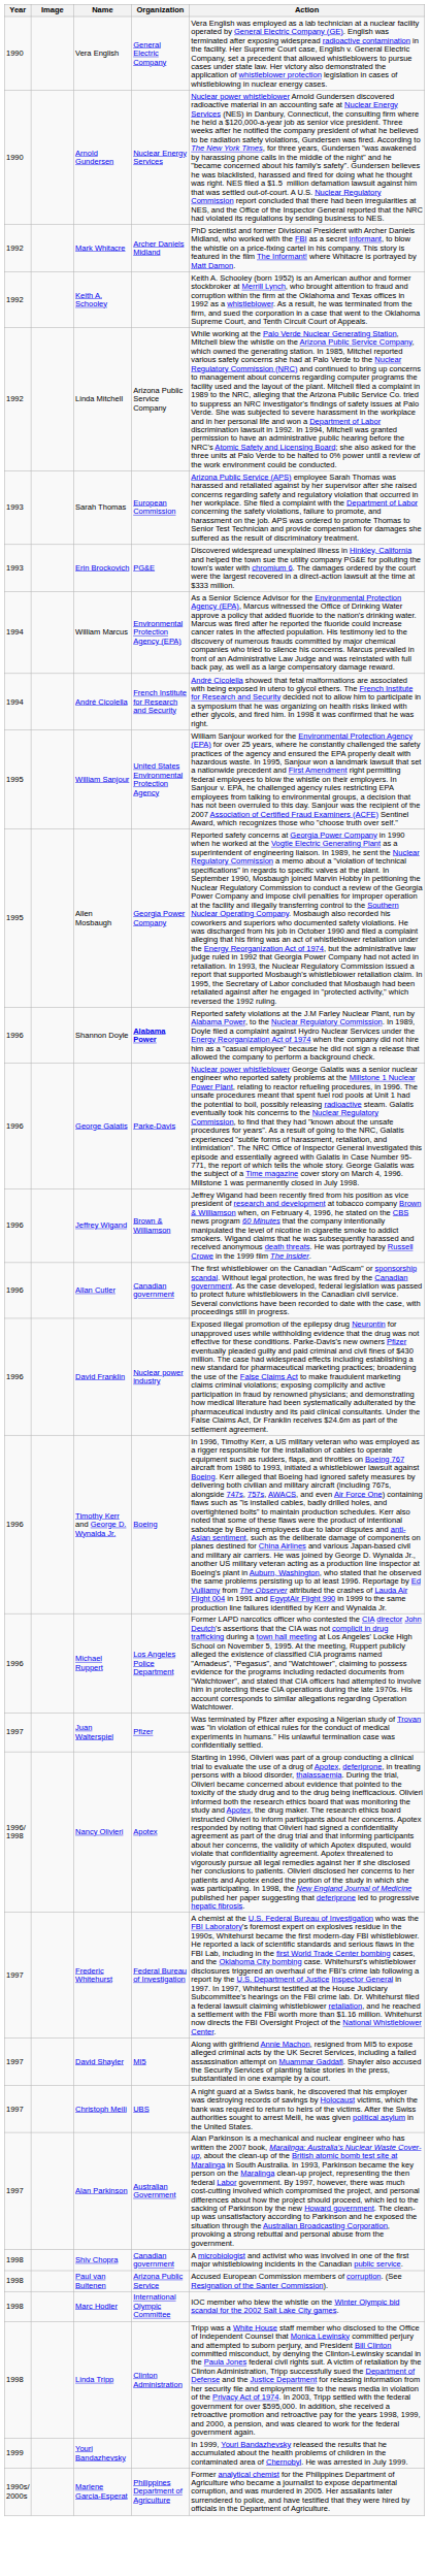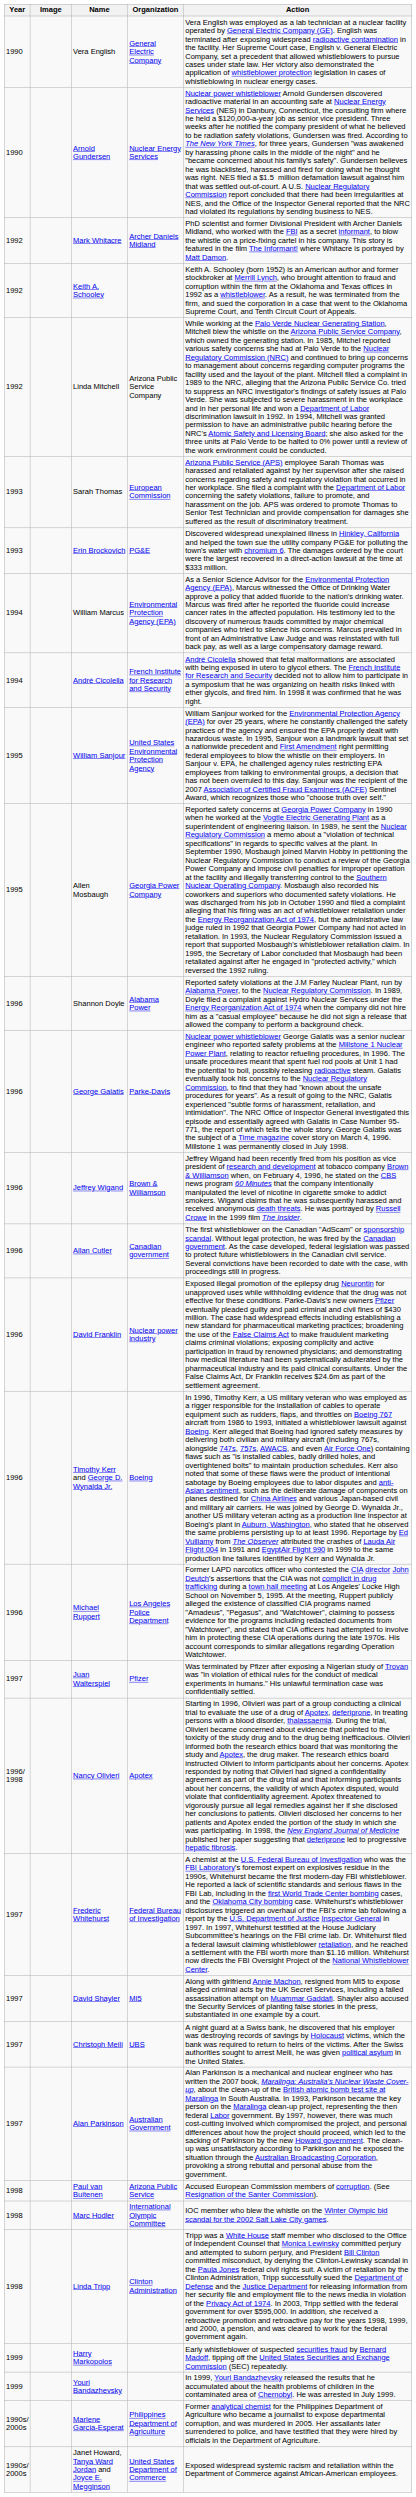 <table class="wikitable sortable">
 <tr>
 <th scope="col" style=width:3em>Year</th>
 <th scope="col" class="unsortable" style=width:5em>Image</th>
 <th scope="col" style=width:7em>Name</th>
 <th scope="col">Organization</th>
 <th scope="col">Action</th>
 </tr>
 <tr>
 <td>1990</td>
 <td></td>
 <td>Vera English</td>
 <td><a href='#'>General Electric Company</a></td>
 <td>Vera English was employed as a lab technician at a nuclear facility operated by <a href='#'>General Electric Company (GE)</a>. English was terminated after exposing widespread <a href='#'>radioactive contamination</a> in the facility. Her Supreme Court case, English v. General Electric Company, set a precedent that allowed whistleblowers to pursue cases under state law. Her victory also demonstrated the application of <a href='#'>whistleblower protection</a> legislation in cases of whistleblowing in nuclear energy cases.</td>
 </tr>
 <tr>
 <td>1990</td>
 <td></td>
 <td><a href='#'>Arnold Gundersen</a></td>
 <td><a href='#'>Nuclear Energy Services</a></td>
 <td><a href='#'>Nuclear power whistleblower</a> Arnold Gundersen discovered radioactive material in an accounting safe at <a href='#'>Nuclear Energy Services</a> (NES) in Danbury, Connecticut, the consulting firm where he held a $120,000-a-year job as senior vice president. Three weeks after he notified the company president of what he believed to be radiation safety violations, Gundersen was fired.  According to <em><a href='#'>The New York Times</a></em>, for three years, Gundersen "was awakened by harassing phone calls in the middle of the night" and he "became concerned about his family's safety". Gundersen believes he was blacklisted, harassed and fired for doing what he thought was right. NES filed a $1.5  million defamation lawsuit against him that was settled out-of-court. A U.S. <a href='#'>Nuclear Regulatory Commission</a> report concluded that there had been irregularities at NES, and the Office of the Inspector General reported that the NRC had violated its regulations by sending business to NES.</td>
 </tr>
 <tr>
 <td>1992</td>
 <td></td>
 <td><a href='#'>Mark Whitacre</a></td>
 <td><a href='#'>Archer Daniels Midland</a></td>
 <td>PhD scientist and former Divisional President with Archer Daniels Midland, who worked with the <a href='#'>FBI</a> as a secret <a href='#'>informant</a>, to blow the whistle on a price-fixing cartel in his company. This story is featured in the film <a href='#'>The Informant!</a> where Whitacre is portrayed by <a href='#'>Matt Damon</a>.</td>
 </tr>
 <tr>
 <td>1992</td>
 <td></td>
 <td><a href='#'>Keith A. Schooley</a></td>
 <td></td>
 <td>Keith A. Schooley (born 1952) is an American author and former stockbroker at <a href='#'>Merrill Lynch</a>, who brought attention to fraud and corruption within the firm at the Oklahoma and Texas offices in 1992 as a <a href='#'>whistleblower</a>. As a result, he was terminated from the firm, and sued the corporation in a case that went to the Oklahoma Supreme Court, and Tenth Circuit Court of Appeals.</td>
 </tr>
 <tr>
 <td>1992</td>
 <td></td>
 <td>Linda Mitchell</td>
 <td>Arizona Public Service Company</td>
 <td>While working at the <a href='#'>Palo Verde Nuclear Generating Station</a>, Mitchell blew the whistle on the <a href='#'>Arizona Public Service Company</a>, which owned the generating station. In 1985, Mitchel reported various safety concerns she had at Palo Verde to the <a href='#'>Nuclear Regulatory Commission (NRC)</a> and continued to bring up concerns to management about concerns regarding computer programs the facility used and the layout of the plant. Mitchell filed a complaint in 1989 to the NRC, alleging that the Arizona Public Service Co. tried to suppress an NRC investigator's findings of safety issues at Palo Verde. She was subjected to severe harassment in the workplace and in her personal life and won a <a href='#'>Department of Labor</a> discrimination lawsuit in 1992. In 1994, Mitchell was granted permission to have an administrative public hearing before the NRC's <a href='#'>Atomic Safety and Licensing Board</a>; she also asked for the three units at Palo Verde to be halted to 0% power until a review of the work environment could be conducted.</td>
 </tr>
 <tr>
 <td>1993</td>
 <td></td>
 <td>Sarah Thomas</td>
 <td><a href='#'>European Commission</a></td>
 <td><a href='#'>Arizona Public Service (APS)</a> employee Sarah Thomas was harassed and retaliated against by her supervisor after she raised concerns regarding safety and regulatory violation that occurred in her workplace. She filed a complaint with the <a href='#'>Department of Labor</a> concerning the safety violations, failure to promote, and harassment on the job. APS was ordered to promote Thomas to Senior Test Technician and provide compensation for damages she suffered as the result of discriminatory treatment.</td>
 </tr>
 <tr>
 <td>1993</td>
 <td><br></td>
 <td><a href='#'>Erin Brockovich</a></td>
 <td><a href='#'>PG&E</a></td>
 <td>Discovered widespread unexplained illness in <a href='#'>Hinkley, California</a> and helped the town sue the utility company PG&E for polluting the town's water with <a href='#'>chromium 6</a>. The damages ordered by the court were the largest recovered in a direct-action lawsuit at the time at $333 million.</td>
 </tr>
 <tr>
 <td>1994</td>
 <td></td>
 <td>William Marcus</td>
 <td><a href='#'>Environmental Protection Agency (EPA)</a></td>
 <td>As a Senior Science Advisor for the <a href='#'>Environmental Protection Agency (EPA)</a>, Marcus witnessed the Office of Drinking Water approve a policy that added fluoride to the nation's drinking water. Marcus was fired after he reported the fluoride could increase cancer rates in the affected population. His testimony led to the discovery of numerous frauds committed by major chemical companies who tried to silence his concerns. Marcus prevailed in front of an Administrative Law Judge and was reinstated with full back pay, as well as a large compensatory damage reward.</td>
 </tr>
 <tr>
 <td>1994</td>
 <td></td>
 <td><a href='#'>André Cicolella</a></td>
 <td><a href='#'>French Institute for Research and Security</a></td>
 <td><a href='#'>André Cicolella</a> showed that fetal malformations are associated with being exposed in utero to glycol ethers. The <a href='#'>French Institute for Research and Security</a> decided not to allow him to participate in a symposium that he was organizing on health risks linked with ether glycols, and fired him. In 1998 it was confirmed that he was right.</td>
 </tr>
 <tr>
 <td>1995</td>
 <td></td>
 <td><a href='#'>William Sanjour</a></td>
 <td><a href='#'>United States Environmental Protection Agency</a></td>
 <td>William Sanjour worked for the <a href='#'>Environmental Protection Agency (EPA)</a> for over 25 years, where he constantly challenged the safety practices of the agency and ensured the EPA properly dealt with hazardous waste. In 1995, Sanjour won a landmark lawsuit that set a nationwide precedent and <a href='#'>First Amendment</a> right permitting federal employees to blow the whistle on their employers. In Sanjour v. EPA, he challenged agency rules restricting EPA employees from talking to environmental groups, a decision that has not been overruled to this day. Sanjour was the recipient of the 2007 <a href='#'>Association of Certified Fraud Examiners (ACFE)</a> Sentinel Award, which recognizes those who "choose truth over self."</td>
 </tr>
 <tr>
 <td>1995</td>
 <td></td>
 <td>Allen Mosbaugh</td>
 <td><a href='#'>Georgia Power Company</a></td>
 <td>Reported safety concerns at <a href='#'>Georgia Power Company</a> in 1990 when he worked at the <a href='#'>Vogtle Electric Generating Plant</a> as a superintendent of engineering liaison. In 1989, he sent the <a href='#'>Nuclear Regulatory Commission</a> a memo about a "violation of technical specifications" in regards to specific valves at the plant. In September 1990, Mosbaugh joined Marvin Hobby in petitioning the Nuclear Regulatory Commission to conduct a review of the Georgia Power Company and impose civil penalties for improper operation at the facility and illegally transferring control to the <a href='#'>Southern Nuclear Operating Company</a>. Mosbaugh also recorded his coworkers and superiors who documented safety violations. He was discharged from his job in October 1990 and filed a complaint alleging that his firing was an act of whistleblower retaliation under the <a href='#'>Energy Reorganization Act of 1974</a>, but the administrative law judge ruled in 1992 that Georgia Power Company had not acted in retaliation. In 1993, the Nuclear Regulatory Commission issued a report that supported Mosbaugh's whistleblower retaliation claim. In 1995, the Secretary of Labor concluded that Mosbaugh had been retaliated against after he engaged in "protected activity," which reversed the 1992 ruling.</td>
 </tr>
 <tr>
 <td>1996</td>
 <td></td>
 <td>Shannon Doyle</td>
-<td><strong><a href='#'>Alabama Power</a></strong></td>
+<td><a href='#'>Alabama Power</a></td>
 <td>Reported safety violations at the J.M Farley Nuclear Plant, run by <a href='#'>Alabama Power</a>, to the <a href='#'>Nuclear Regulatory Commission</a>. In 1989, Doyle filed a complaint against Hydro Nuclear Services under the <a href='#'>Energy Reorganization Act of 1974</a> when the company did not hire him as a "casual employee" because he did not sign a release that allowed the company to perform a background check.</td>
 </tr>
 <tr>
 <td>1996</td>
 <td></td>
 <td><a href='#'>George Galatis</a></td>
 <td><a href='#'>Parke-Davis</a></td>
 <td><a href='#'>Nuclear power whistleblower</a> George Galatis was a senior nuclear engineer who reported safety problems at the <a href='#'>Millstone 1 Nuclear Power Plant</a>, relating to reactor refueling procedures, in 1996. The unsafe procedures meant that spent fuel rod pools at Unit 1 had the potential to boil, possibly releasing <a href='#'>radioactive</a> steam. Galatis eventually took his concerns to the <a href='#'>Nuclear Regulatory Commission</a>, to find that they had "known about the unsafe procedures for years". As a result of going to the NRC, Galatis experienced "subtle forms of harassment, retaliation, and intimidation". The NRC Office of Inspector General investigated this episode and essentially agreed with Galatis in Case Number 95-771, the report of which tells the whole story. George Galatis was the subject of a <a href='#'>Time magazine</a> cover story on March 4, 1996. Millstone 1 was permanently closed in July 1998.</td>
 </tr>
 <tr>
 <td>1996</td>
 <td></td>
 <td><a href='#'>Jeffrey Wigand</a></td>
 <td><a href='#'>Brown & Williamson</a></td>
 <td>Jeffrey Wigand had been recently fired from his position as vice president of <a href='#'>research and development</a> at tobacco company <a href='#'>Brown & Williamson</a> when, on February 4, 1996, he stated on the <a href='#'>CBS</a> news program <em><a href='#'>60 Minutes</a></em> that the company intentionally manipulated the level of nicotine in cigarette smoke to addict smokers. Wigand claims that he was subsequently harassed and received anonymous <a href='#'>death threats</a>. He was portrayed by <a href='#'>Russell Crowe</a> in the 1999 film <em><a href='#'>The Insider</a></em>.</td>
 </tr>
 <tr>
 <td>1996</td>
 <td></td>
 <td><a href='#'>Allan Cutler</a></td>
 <td><a href='#'>Canadian government</a></td>
 <td>The first whistleblower on the Canadian "AdScam" or <a href='#'>sponsorship scandal</a>. Without legal protection, he was fired by the <a href='#'>Canadian government</a>. As the case developed, federal legislation was passed to protect future whistleblowers in the Canadian civil service. Several convictions have been recorded to date with the case, with proceedings still in progress.</td>
 </tr>
 <tr>
 <td>1996</td>
 <td></td>
 <td><a href='#'>David Franklin</a></td>
 <td><a href='#'>Nuclear power industry</a></td>
 <td>Exposed illegal promotion of the epilepsy drug <a href='#'>Neurontin</a> for unapproved uses while withholding evidence that the drug was not effective for these conditions. Parke-Davis's new owners <a href='#'>Pfizer</a> eventually pleaded guilty and paid criminal and civil fines of $430 million. The case had widespread effects including establishing a new standard for pharmaceutical marketing practices; broadening the use of the <a href='#'>False Claims Act</a> to make fraudulent marketing claims criminal violations; exposing complicity and active participation in fraud by renowned physicians; and demonstrating how medical literature had been systematically adulterated by the pharmaceutical industry and its paid clinical consultants. Under the False Claims Act, Dr Franklin receives $24.6m as part of the settlement agreement.</td>
 </tr>
 <tr>
 <td>1996</td>
 <td></td>
 <td><a href='#'>Timothy Kerr</a> and <a href='#'>George D. Wynalda Jr.</a></td>
 <td><a href='#'>Boeing</a></td>
 <td>In 1996, Timothy Kerr, a US military veteran who was employed as a rigger responsible for the installation of cables to operate equipment such as rudders, flaps, and throttles on <a href='#'>Boeing 767</a> aircraft from 1986 to 1993, initiated a whistleblower lawsuit against <a href='#'>Boeing</a>. Kerr alleged that Boeing had ignored safety measures by delivering both civilian and military aircraft (including 767s, alongside <a href='#'>747s</a>, <a href='#'>757s</a>, <a href='#'>AWACS</a>, and even <a href='#'>Air Force One</a>) containing flaws such as "is installed cables, badly drilled holes, and overtightened bolts" to maintain production schedules. Kerr also noted that some of these flaws were the product of intentional sabotage by Boeing employees due to labor disputes and <a href='#'>anti-Asian sentiment</a>, such as the deliberate damage of components on planes destined for <a href='#'>China Airlines</a> and various Japan-based civil and military air carriers. He was joined by George D. Wynalda Jr., another US military veteran acting as a production line inspector at Boeing's plant in <a href='#'>Auburn, Washington</a>, who stated that he observed the same problems persisting up to at least 1996. Reportage by <a href='#'>Ed Vulliamy</a> from <em><a href='#'>The Observer</a></em> attributed the crashes of <a href='#'>Lauda Air Flight 004</a> in 1991 and <a href='#'>EgyptAir Flight 990</a> in 1999 to the same production line failures identified by Kerr and Wynalda Jr.</td>
 </tr>
 <tr>
 <td>1996</td>
 <td></td>
 <td><a href='#'>Michael Ruppert</a></td>
 <td><a href='#'>Los Angeles Police Department</a></td>
 <td>Former LAPD narcotics officer who contested the <a href='#'>CIA</a> <a href='#'>director</a> <a href='#'>John Deutch</a>'s assertions that the CIA was not <a href='#'>complicit in drug trafficking</a> during a <a href='#'>town hall meeting</a> at Los Angeles' Locke High School on November 5, 1995. At the meeting, Ruppert publicly alleged the existence of classified CIA programs named "Amadeus", "Pegasus", and "Watchtower", claiming to possess evidence for the programs including redacted documents from "Watchtower", and stated that CIA officers had attempted to involve him in protecting these CIA operations during the late 1970s. His account corresponds to similar allegations regarding Operation Watchtower.</td>
 </tr>
 <tr>
 <td>1997</td>
 <td></td>
 <td><a href='#'>Juan Walterspiel</a></td>
 <td><a href='#'>Pfizer</a></td>
 <td>Was terminated by Pfizer after exposing a Nigerian study of <a href='#'>Trovan</a> was "in violation of ethical rules for the conduct of medical experiments in humans." His unlawful termination case was confidentially settled.</td>
 </tr>
 <tr>
 <td>1996/<br>1998</td>
 <td></td>
 <td><a href='#'>Nancy Olivieri</a></td>
 <td><a href='#'>Apotex</a></td>
 <td>Starting in 1996, Olivieri was part of a group conducting a clinical trial to evaluate the use of a drug of <a href='#'>Apotex</a>, <a href='#'>deferiprone</a>, in treating persons with a blood disorder, <a href='#'>thalassaemia</a>. During the trial, Olivieri became concerned about evidence that pointed to the toxicity of the study drug and to the drug being inefficacious. Olivieri informed both the research ethics board that was monitoring the study and <a href='#'>Apotex</a>, the drug maker. The research ethics board instructed Olivieri to inform participants about her concerns. Apotex responded by noting that Olivieri had signed a confidentiality agreement as part of the drug trial and that informing participants about her concerns, the validity of which Apotex disputed, would violate that confidentiality agreement. Apotex threatened to vigorously pursue all legal remedies against her if she disclosed her conclusions to patients. Olivieri disclosed her concerns to her patients and Apotex ended the portion of the study in which she was participating. In 1998, the <em><a href='#'>New England Journal of Medicine</a></em> published her paper suggesting that <a href='#'>deferiprone</a> led to progressive <a href='#'>hepatic fibrosis</a>.</td>
 </tr>
 <tr>
 <td>1997</td>
 <td></td>
 <td><a href='#'>Frederic Whitehurst</a></td>
 <td><a href='#'>Federal Bureau of Investigation</a></td>
 <td>A chemist at the <a href='#'>U.S. Federal Bureau of Investigation</a> who was the <a href='#'>FBI Laboratory</a>'s foremost expert on explosives residue in the 1990s, Whitehurst became the first modern-day FBI whistleblower. He reported a lack of scientific standards and serious flaws in the FBI Lab, including in the <a href='#'>first World Trade Center bombing</a> cases, and the <a href='#'>Oklahoma City bombing</a> case. Whitehurst's whistleblower disclosures triggered an overhaul of the FBI's crime lab following a report by the <a href='#'>U.S. Department of Justice</a> <a href='#'>Inspector General</a> in 1997. In 1997, Whitehurst testified at the House Judiciary Subcommittee's hearings on the FBI crime lab. Dr. Whitehurst filed a federal lawsuit claiming whistleblower <a href='#'>retaliation</a>, and he reached a settlement with the FBI worth more than $1.16 million. Whitehurst now directs the FBI Oversight Project of the <a href='#'>National Whistleblower Center</a>.</td>
 </tr>
 <tr>
 <td>1997</td>
 <td></td>
 <td><a href='#'>David Shayler</a></td>
 <td><a href='#'>MI5</a></td>
 <td>Along with girlfriend <a href='#'>Annie Machon</a>, resigned from MI5 to expose alleged criminal acts by the UK Secret Services, including a failed assassination attempt on <a href='#'>Muammar Gaddafi</a>. Shayler also accused the Security Services of planting false stories in the press, substantiated in one example by a court.</td>
 </tr>
 <tr>
 <td>1997</td>
 <td></td>
 <td><a href='#'>Christoph Meili</a></td>
 <td><a href='#'>UBS</a></td>
 <td>A night guard at a Swiss bank, he discovered that his employer was destroying records of savings by <a href='#'>Holocaust</a> victims, which the bank was required to return to heirs of the victims. After the Swiss authorities sought to arrest Meili, he was given <a href='#'>political asylum</a> in the United States.</td>
 </tr>
 <tr>
 <td>1997</td>
 <td></td>
 <td><a href='#'>Alan Parkinson</a></td>
 <td><a href='#'>Australian Government</a></td>
 <td>Alan Parkinson is a mechanical and nuclear engineer who has written the 2007 book, <em><a href='#'>Maralinga: Australia's Nuclear Waste Cover-up</a></em>, about the clean-up of the <a href='#'>British atomic bomb test site at Maralinga</a> in South Australia. In 1993, Parkinson became the key person on the <a href='#'>Maralinga</a> clean-up project, representing the then federal <a href='#'>Labor</a> government. By 1997, however, there was much cost-cutting involved which compromised the project, and personal differences about how the project should proceed, which led to the sacking of Parkinson by the new <a href='#'>Howard government</a>. The clean-up was unsatisfactory according to Parkinson and he exposed the situation through the <a href='#'>Australian Broadcasting Corporation</a>, provoking a strong rebuttal and personal abuse from the government.</td>
 </tr>
 <tr>
 <td>1998</td>
 <td></td>
-<td><a href='#'>Shiv Chopra</a></td>
-<td><a href='#'>Canadian government</a></td>
-<td>A <a href='#'>microbiologist</a> and activist who was involved in one of the first major whistleblowing incidents in the Canadian <a href='#'>public service</a>.</td>
-</tr>
-<tr>
-<td>1998</td>
-<td></td>
 <td><a href='#'>Paul van Buitenen</a></td>
 <td><a href='#'>Arizona Public Service</a></td>
 <td>Accused European Commission members of <a href='#'>corruption</a>. (See <a href='#'>Resignation of the Santer Commission</a>).</td>
 </tr>
 <tr>
 <td>1998</td>
 <td></td>
 <td><a href='#'>Marc Hodler</a></td>
 <td><a href='#'>International Olympic Committee</a></td>
 <td>IOC member who blew the whistle on the <a href='#'>Winter Olympic bid scandal for the 2002 Salt Lake City games</a>.</td>
 </tr>
 <tr>
 <td>1998</td>
 <td></td>
 <td><a href='#'>Linda Tripp</a></td>
 <td><a href='#'>Clinton Administration</a></td>
 <td>Tripp was a <a href='#'>White House</a> staff member who disclosed to the Office of Independent Counsel that <a href='#'>Monica Lewinsky</a> committed perjury and attempted to suborn perjury, and President <a href='#'>Bill Clinton</a> committed misconduct, by denying the Clinton-Lewinsky scandal in the <a href='#'>Paula Jones</a> federal civil rights suit. A victim of retaliation by the Clinton Administration, Tripp successfully sued the <a href='#'>Department of Defense</a> and the <a href='#'>Justice Department</a> for releasing information from her security file and employment file to the news media in violation of the <a href='#'>Privacy Act of 1974</a>. In 2003, Tripp settled with the federal government for over $595,000. In addition, she received a retroactive promotion and retroactive pay for the years 1998, 1999, and 2000, a pension, and was cleared to work for the federal government again.</td>
 </tr>
 <tr>
 <td>1999</td>
 <td></td>
+<td><a href='#'>Harry Markopolos</a></td>
+<td></td>
+<td>Early whistleblower of suspected <a href='#'>securities fraud</a> by <a href='#'>Bernard Madoff</a>, tipping off the <a href='#'>United States Securities and Exchange Commission</a> (SEC) repeatedly.</td>
+</tr>
+<tr>
+<td>1999</td>
+<td></td>
 <td><a href='#'>Youri Bandazhevsky</a></td>
 <td></td>
 <td>In 1999, <a href='#'>Youri Bandazhevsky</a> released the results that he accumulated about the health problems of children in the contaminated area of <a href='#'> Chernobyl</a>. He was arrested in July 1999.</td>
 </tr>
 <tr>
 <td>1990s/<br>2000s</td>
 <td></td>
 <td><a href='#'>Marlene Garcia-Esperat</a></td>
 <td><a href='#'>Philippines Department of Agriculture</a></td>
 <td>Former <a href='#'>analytical chemist</a> for the Philippines Department of Agriculture who became a journalist to expose departmental corruption, and was murdered in 2005. Her assailants later surrendered to police, and have testified that they were hired by officials in the Department of Agriculture.</td>
 </tr>
+<tr>
+<td>1990s/<br>2000s</td>
+<td></td>
+<td>Janet Howard, <a href='#'>Tanya Ward Jordan</a> and <a href='#'>Joyce E. Megginson</a></td>
+<td><a href='#'>United States Department of Commerce</a></td>
+<td>Exposed widespread systemic racism and retaliation within the Department of Commerce against African-American employees.</td>
+</tr>
 </table>
